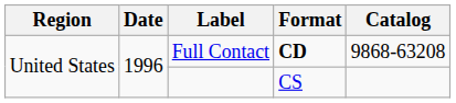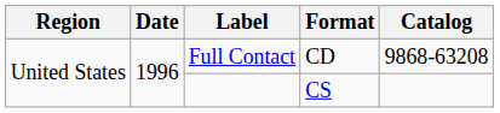 <table class="wikitable">
 <tr>
 <th>Region</th>
 <th>Date</th>
 <th>Label</th>
 <th>Format</th>
 <th>Catalog</th>
 </tr>
 <tr>
 <td rowspan="2">United States</td>
 <td rowspan="2">1996</td>
 <td><a href='#'>Full Contact</a></td>
-<td><strong>CD</strong></td>
+<td>CD</td>
 <td>9868-63208</td>
 </tr>
 <tr>
 <td></td>
 <td><a href='#'>CS</a></td>
 <td></td>
 </tr>
 </table>
